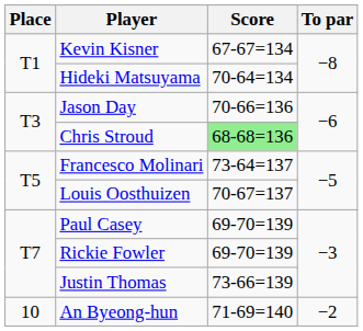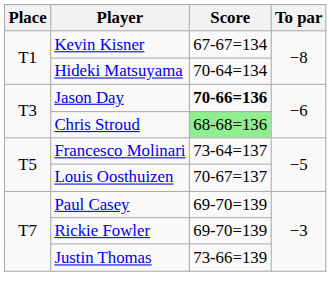 <table class="wikitable">
 <tr>
 <th>Place</th>
 <th>Player</th>
 <th>Score</th>
 <th>To par</th>
 </tr>
 <tr>
 <td rowspan=2 align=center>T1</td>
 <td> <a href='#'>Kevin Kisner</a></td>
 <td>67-67=134</td>
 <td rowspan=2 align=center>−8</td>
 </tr>
 <tr>
 <td> <a href='#'>Hideki Matsuyama</a></td>
 <td>70-64=134</td>
 </tr>
 <tr>
 <td rowspan=2 align=center>T3</td>
 <td> <a href='#'>Jason Day</a></td>
-<td>70-66=136</td>
+<td><strong>70-66=136</strong></td>
 <td rowspan=2 align=center>−6</td>
 </tr>
 <tr>
 <td> <a href='#'>Chris Stroud</a></td>
 <td style="background: lightgreen;">68-68=136</td>
 </tr>
 <tr>
 <td rowspan=2 align=center>T5</td>
 <td> <a href='#'>Francesco Molinari</a></td>
 <td>73-64=137</td>
 <td rowspan=2 align=center>−5</td>
 </tr>
 <tr>
 <td> <a href='#'>Louis Oosthuizen</a></td>
 <td>70-67=137</td>
 </tr>
 <tr>
 <td rowspan=3 align=center>T7</td>
 <td> <a href='#'>Paul Casey</a></td>
 <td>69-70=139</td>
 <td rowspan=3 align=center>−3</td>
 </tr>
 <tr>
 <td> <a href='#'>Rickie Fowler</a></td>
 <td>69-70=139</td>
 </tr>
 <tr>
 <td> <a href='#'>Justin Thomas</a></td>
 <td>73-66=139</td>
 </tr>
-<tr>
-<td align=center>10</td>
-<td> <a href='#'>An Byeong-hun</a></td>
-<td>71-69=140</td>
-<td align=center>−2</td>
-</tr>
 </table>
